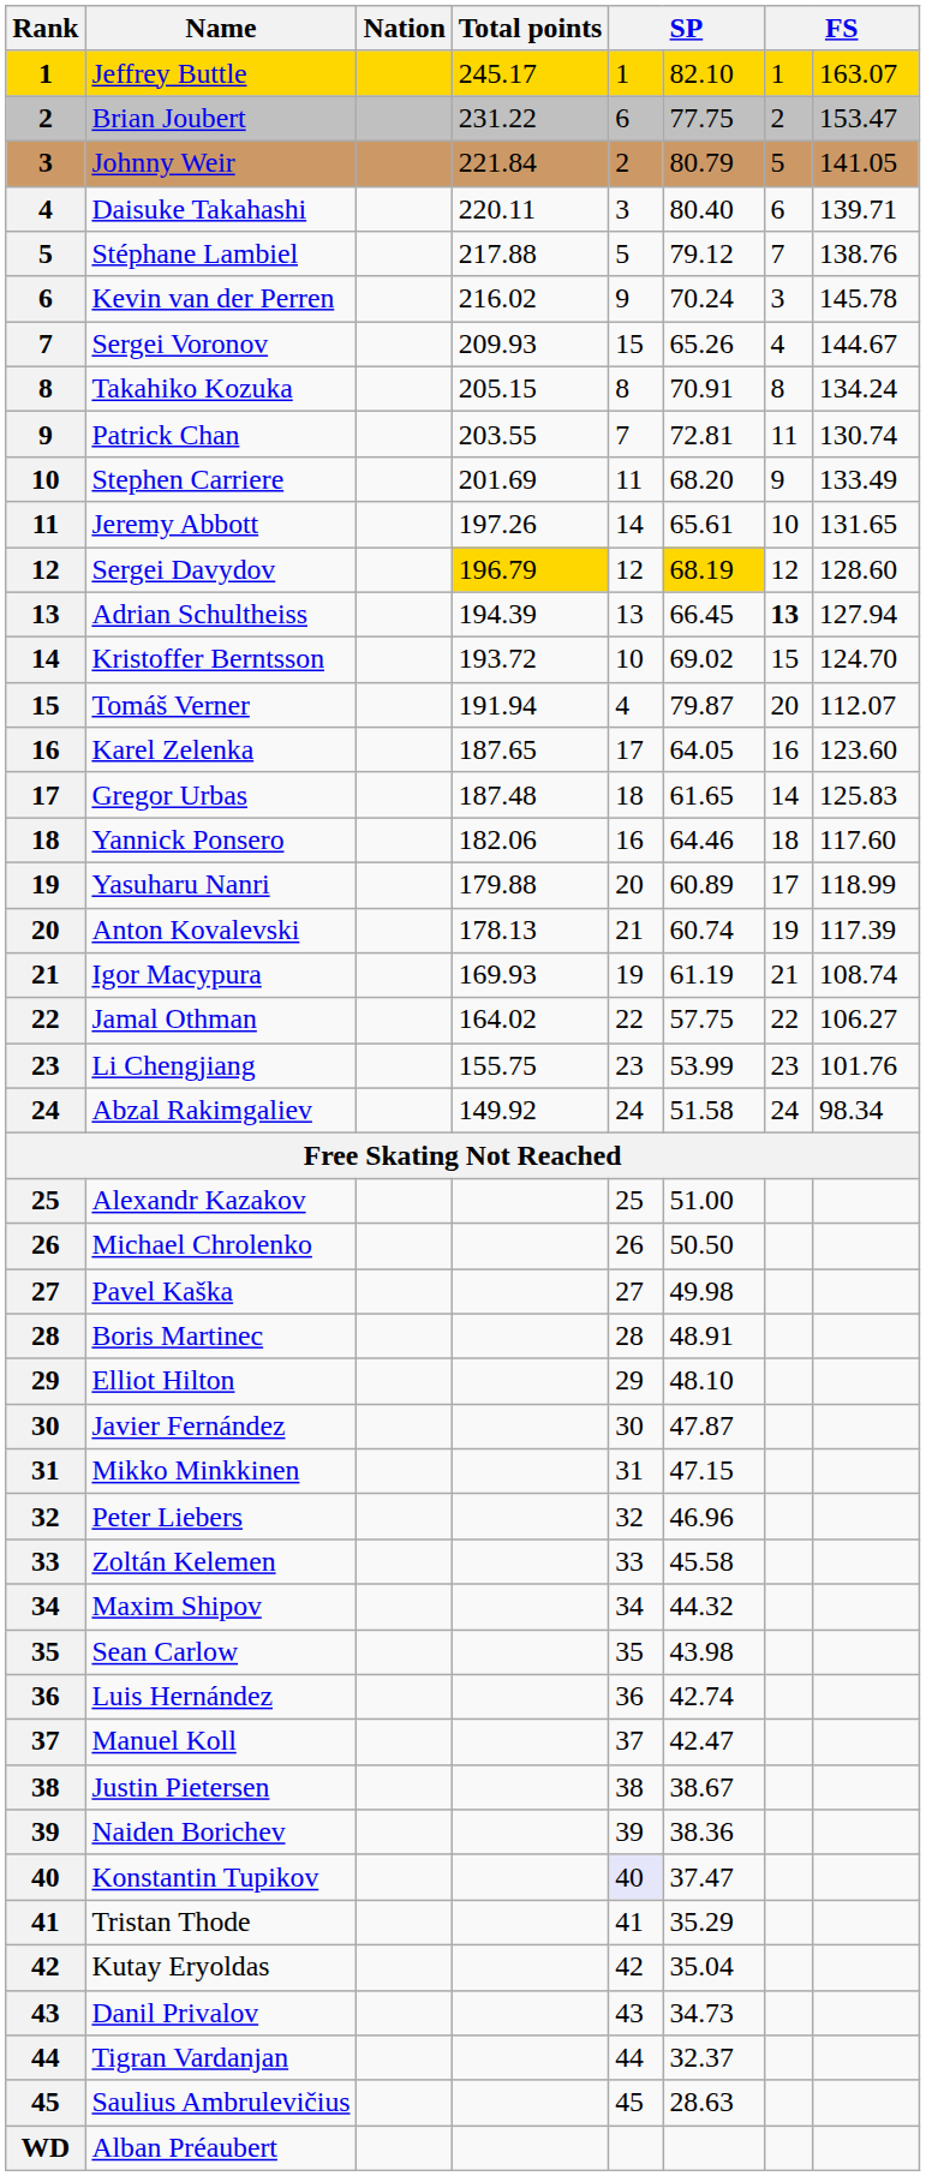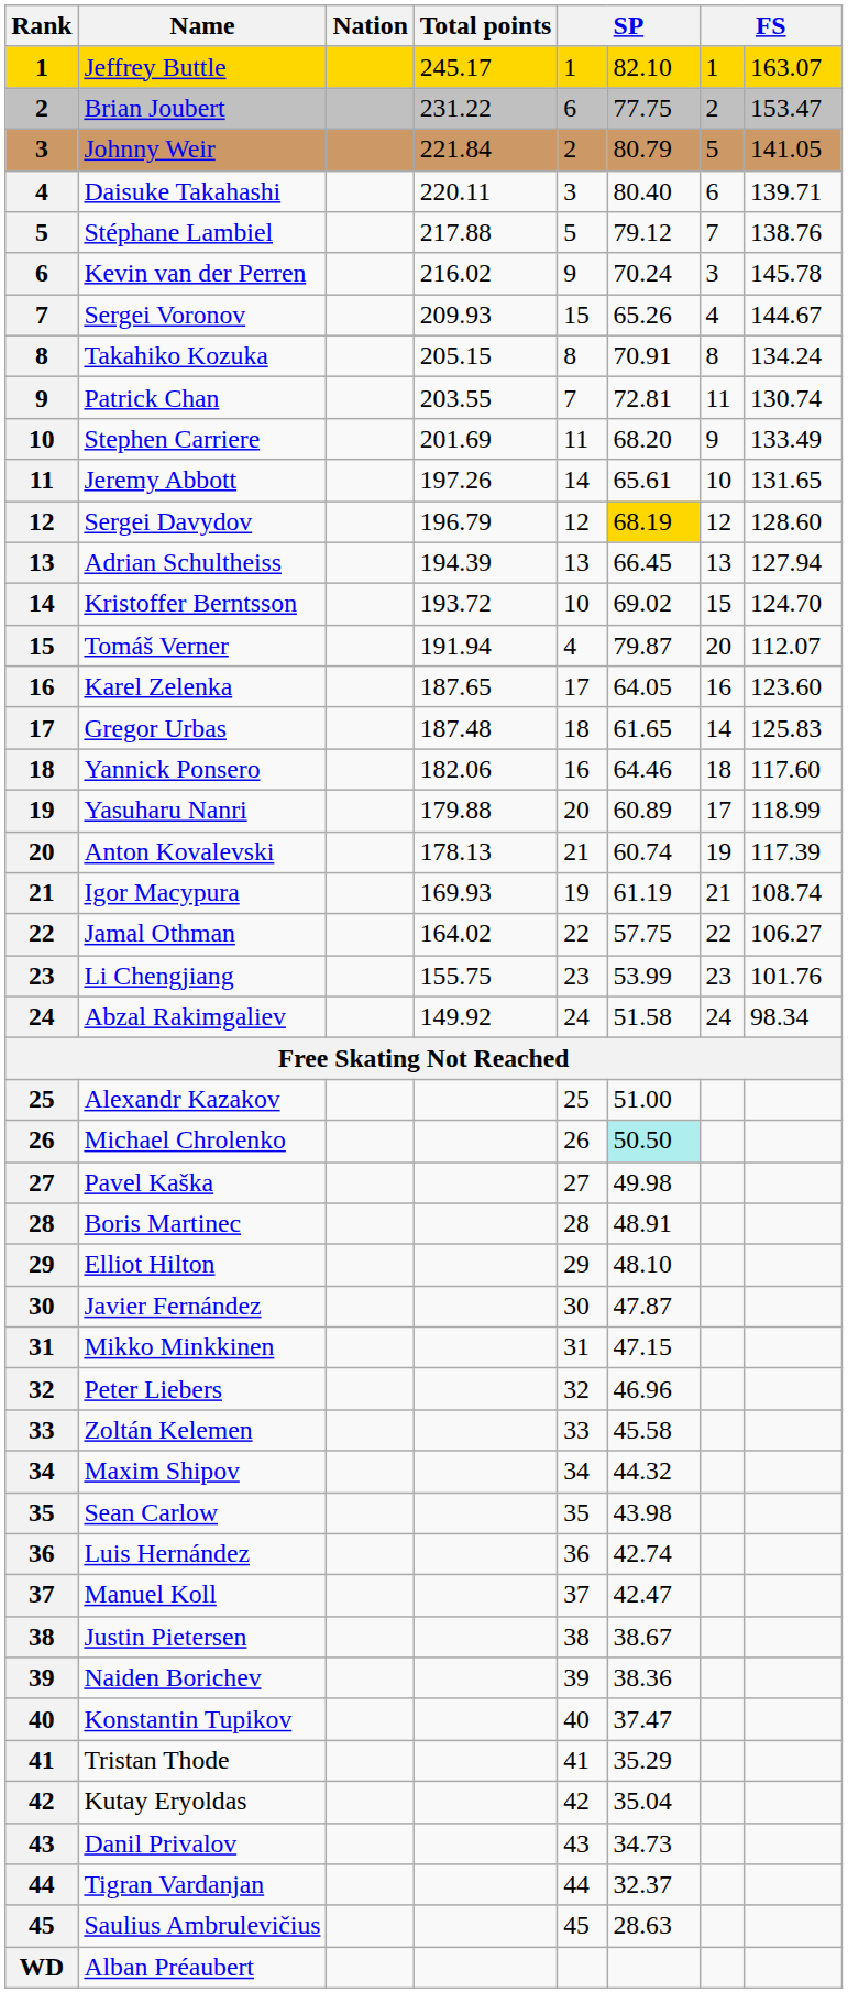 <table class="wikitable sortable">
 <tr>
 <th>Rank</th>
 <th>Name</th>
 <th>Nation</th>
 <th>Total points</th>
 <th colspan="2" width="80px"><a href='#'>SP</a></th>
 <th colspan="2" width="80px"><a href='#'>FS</a></th>
 </tr>
 <tr bgcolor=gold>
 <td align=center><strong>1</strong></td>
 <td><a href='#'>Jeffrey Buttle</a></td>
 <td></td>
 <td>245.17</td>
 <td>1</td>
 <td>82.10</td>
 <td>1</td>
 <td>163.07</td>
 </tr>
 <tr bgcolor=silver>
 <td align=center><strong>2</strong></td>
 <td><a href='#'>Brian Joubert</a></td>
 <td></td>
 <td>231.22</td>
 <td>6</td>
 <td>77.75</td>
 <td>2</td>
 <td>153.47</td>
 </tr>
 <tr bgcolor=cc9966>
 <td align=center><strong>3</strong></td>
 <td><a href='#'>Johnny Weir</a></td>
 <td></td>
 <td>221.84</td>
 <td>2</td>
 <td>80.79</td>
 <td>5</td>
 <td>141.05</td>
 </tr>
 <tr>
 <th>4</th>
 <td><a href='#'>Daisuke Takahashi</a></td>
 <td></td>
 <td>220.11</td>
 <td>3</td>
 <td>80.40</td>
 <td>6</td>
 <td>139.71</td>
 </tr>
 <tr>
 <th>5</th>
 <td><a href='#'>Stéphane Lambiel</a></td>
 <td></td>
 <td>217.88</td>
 <td>5</td>
 <td>79.12</td>
 <td>7</td>
 <td>138.76</td>
 </tr>
 <tr>
 <th>6</th>
 <td><a href='#'>Kevin van der Perren</a></td>
 <td></td>
 <td>216.02</td>
 <td>9</td>
 <td>70.24</td>
 <td>3</td>
 <td>145.78</td>
 </tr>
 <tr>
 <th>7</th>
 <td><a href='#'>Sergei Voronov</a></td>
 <td></td>
 <td>209.93</td>
 <td>15</td>
 <td>65.26</td>
 <td>4</td>
 <td>144.67</td>
 </tr>
 <tr>
 <th>8</th>
 <td><a href='#'>Takahiko Kozuka</a></td>
 <td></td>
 <td>205.15</td>
 <td>8</td>
 <td>70.91</td>
 <td>8</td>
 <td>134.24</td>
 </tr>
 <tr>
 <th>9</th>
 <td><a href='#'>Patrick Chan</a></td>
 <td></td>
 <td>203.55</td>
 <td>7</td>
 <td>72.81</td>
 <td>11</td>
 <td>130.74</td>
 </tr>
 <tr>
 <th>10</th>
 <td><a href='#'>Stephen Carriere</a></td>
 <td></td>
 <td>201.69</td>
 <td>11</td>
 <td>68.20</td>
 <td>9</td>
 <td>133.49</td>
 </tr>
 <tr>
 <th>11</th>
 <td><a href='#'>Jeremy Abbott</a></td>
 <td></td>
 <td>197.26</td>
 <td>14</td>
 <td>65.61</td>
 <td>10</td>
 <td>131.65</td>
 </tr>
 <tr>
 <th>12</th>
 <td><a href='#'>Sergei Davydov</a></td>
 <td></td>
-<td style="background: gold;">196.79</td>
+<td>196.79</td>
 <td>12</td>
 <td style="background: gold;">68.19</td>
 <td>12</td>
 <td>128.60</td>
 </tr>
 <tr>
 <th>13</th>
 <td><a href='#'>Adrian Schultheiss</a></td>
 <td></td>
 <td>194.39</td>
 <td>13</td>
 <td>66.45</td>
-<td><strong>13</strong></td>
+<td>13</td>
 <td>127.94</td>
 </tr>
 <tr>
 <th>14</th>
 <td><a href='#'>Kristoffer Berntsson</a></td>
 <td></td>
 <td>193.72</td>
 <td>10</td>
 <td>69.02</td>
 <td>15</td>
 <td>124.70</td>
 </tr>
 <tr>
 <th>15</th>
 <td><a href='#'>Tomáš Verner</a></td>
 <td></td>
 <td>191.94</td>
 <td>4</td>
 <td>79.87</td>
 <td>20</td>
 <td>112.07</td>
 </tr>
 <tr>
 <th>16</th>
 <td><a href='#'>Karel Zelenka</a></td>
 <td></td>
 <td>187.65</td>
 <td>17</td>
 <td>64.05</td>
 <td>16</td>
 <td>123.60</td>
 </tr>
 <tr>
 <th>17</th>
 <td><a href='#'>Gregor Urbas</a></td>
 <td></td>
 <td>187.48</td>
 <td>18</td>
 <td>61.65</td>
 <td>14</td>
 <td>125.83</td>
 </tr>
 <tr>
 <th>18</th>
 <td><a href='#'>Yannick Ponsero</a></td>
 <td></td>
 <td>182.06</td>
 <td>16</td>
 <td>64.46</td>
 <td>18</td>
 <td>117.60</td>
 </tr>
 <tr>
 <th>19</th>
 <td><a href='#'>Yasuharu Nanri</a></td>
 <td></td>
 <td>179.88</td>
 <td>20</td>
 <td>60.89</td>
 <td>17</td>
 <td>118.99</td>
 </tr>
 <tr>
 <th>20</th>
 <td><a href='#'>Anton Kovalevski</a></td>
 <td></td>
 <td>178.13</td>
 <td>21</td>
 <td>60.74</td>
 <td>19</td>
 <td>117.39</td>
 </tr>
 <tr>
 <th>21</th>
 <td><a href='#'>Igor Macypura</a></td>
 <td></td>
 <td>169.93</td>
 <td>19</td>
 <td>61.19</td>
 <td>21</td>
 <td>108.74</td>
 </tr>
 <tr>
 <th>22</th>
 <td><a href='#'>Jamal Othman</a></td>
 <td></td>
 <td>164.02</td>
 <td>22</td>
 <td>57.75</td>
 <td>22</td>
 <td>106.27</td>
 </tr>
 <tr>
 <th>23</th>
 <td><a href='#'>Li Chengjiang</a></td>
 <td></td>
 <td>155.75</td>
 <td>23</td>
 <td>53.99</td>
 <td>23</td>
 <td>101.76</td>
 </tr>
 <tr>
 <th>24</th>
 <td><a href='#'>Abzal Rakimgaliev</a></td>
 <td></td>
 <td>149.92</td>
 <td>24</td>
 <td>51.58</td>
 <td>24</td>
 <td>98.34</td>
 </tr>
 <tr>
 <th colspan=8>Free Skating Not Reached</th>
 </tr>
 <tr>
 <th>25</th>
 <td><a href='#'>Alexandr Kazakov</a></td>
 <td></td>
 <td></td>
 <td>25</td>
 <td>51.00</td>
 <td></td>
 <td></td>
 </tr>
 <tr>
 <th>26</th>
 <td><a href='#'>Michael Chrolenko</a></td>
 <td></td>
 <td></td>
 <td>26</td>
-<td>50.50</td>
+<td style="background: paleturquoise;">50.50</td>
 <td></td>
 <td></td>
 </tr>
 <tr>
 <th>27</th>
 <td><a href='#'>Pavel Kaška</a></td>
 <td></td>
 <td></td>
 <td>27</td>
 <td>49.98</td>
 <td></td>
 <td></td>
 </tr>
 <tr>
 <th>28</th>
 <td><a href='#'>Boris Martinec</a></td>
 <td></td>
 <td></td>
 <td>28</td>
 <td>48.91</td>
 <td></td>
 <td></td>
 </tr>
 <tr>
 <th>29</th>
 <td><a href='#'>Elliot Hilton</a></td>
 <td></td>
 <td></td>
 <td>29</td>
 <td>48.10</td>
 <td></td>
 <td></td>
 </tr>
 <tr>
 <th>30</th>
 <td><a href='#'>Javier Fernández</a></td>
 <td></td>
 <td></td>
 <td>30</td>
 <td>47.87</td>
 <td></td>
 <td></td>
 </tr>
 <tr>
 <th>31</th>
 <td><a href='#'>Mikko Minkkinen</a></td>
 <td></td>
 <td></td>
 <td>31</td>
 <td>47.15</td>
 <td></td>
 <td></td>
 </tr>
 <tr>
 <th>32</th>
 <td><a href='#'>Peter Liebers</a></td>
 <td></td>
 <td></td>
 <td>32</td>
 <td>46.96</td>
 <td></td>
 <td></td>
 </tr>
 <tr>
 <th>33</th>
 <td><a href='#'>Zoltán Kelemen</a></td>
 <td></td>
 <td></td>
 <td>33</td>
 <td>45.58</td>
 <td></td>
 <td></td>
 </tr>
 <tr>
 <th>34</th>
 <td><a href='#'>Maxim Shipov</a></td>
 <td></td>
 <td></td>
 <td>34</td>
 <td>44.32</td>
 <td></td>
 <td></td>
 </tr>
 <tr>
 <th>35</th>
 <td><a href='#'>Sean Carlow</a></td>
 <td></td>
 <td></td>
 <td>35</td>
 <td>43.98</td>
 <td></td>
 <td></td>
 </tr>
 <tr>
 <th>36</th>
 <td><a href='#'>Luis Hernández</a></td>
 <td></td>
 <td></td>
 <td>36</td>
 <td>42.74</td>
 <td></td>
 <td></td>
 </tr>
 <tr>
 <th>37</th>
 <td><a href='#'>Manuel Koll</a></td>
 <td></td>
 <td></td>
 <td>37</td>
 <td>42.47</td>
 <td></td>
 <td></td>
 </tr>
 <tr>
 <th>38</th>
 <td><a href='#'>Justin Pietersen</a></td>
 <td></td>
 <td></td>
 <td>38</td>
 <td>38.67</td>
 <td></td>
 <td></td>
 </tr>
 <tr>
 <th>39</th>
 <td><a href='#'>Naiden Borichev</a></td>
 <td></td>
 <td></td>
 <td>39</td>
 <td>38.36</td>
 <td></td>
 <td></td>
 </tr>
 <tr>
 <th>40</th>
 <td><a href='#'>Konstantin Tupikov</a></td>
 <td></td>
 <td></td>
-<td style="background: lavender;">40</td>
+<td>40</td>
 <td>37.47</td>
 <td></td>
 <td></td>
 </tr>
 <tr>
 <th>41</th>
 <td>Tristan Thode</td>
 <td></td>
 <td></td>
 <td>41</td>
 <td>35.29</td>
 <td></td>
 <td></td>
 </tr>
 <tr>
 <th>42</th>
 <td>Kutay Eryoldas</td>
 <td></td>
 <td></td>
 <td>42</td>
 <td>35.04</td>
 <td></td>
 <td></td>
 </tr>
 <tr>
 <th>43</th>
 <td><a href='#'>Danil Privalov</a></td>
 <td></td>
 <td></td>
 <td>43</td>
 <td>34.73</td>
 <td></td>
 <td></td>
 </tr>
 <tr>
 <th>44</th>
 <td><a href='#'>Tigran Vardanjan</a></td>
 <td></td>
 <td></td>
 <td>44</td>
 <td>32.37</td>
 <td></td>
 <td></td>
 </tr>
 <tr>
 <th>45</th>
 <td><a href='#'>Saulius Ambrulevičius</a></td>
 <td></td>
 <td></td>
 <td>45</td>
 <td>28.63</td>
 <td></td>
 <td></td>
 </tr>
 <tr>
 <th>WD</th>
 <td><a href='#'>Alban Préaubert</a></td>
 <td></td>
 <td></td>
 <td></td>
 <td></td>
 <td></td>
 <td></td>
 </tr>
 </table>
